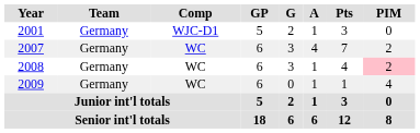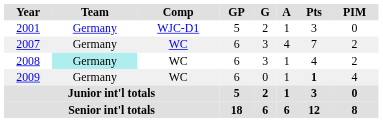 <table BORDER="0" CELLPADDING="2" CELLSPACING="0" width=40%>
 <tr ALIGN="center" bgcolor="#e0e0e0">
 <th>Year</th>
 <th>Team</th>
 <th>Comp</th>
 <th>GP</th>
 <th>G</th>
 <th>A</th>
 <th>Pts</th>
 <th>PIM</th>
 </tr>
 <tr ALIGN="center">
 <td><a href='#'>2001</a></td>
 <td><a href='#'>Germany</a></td>
 <td><a href='#'>WJC-D1</a></td>
 <td>5</td>
 <td>2</td>
 <td>1</td>
 <td>3</td>
 <td>0</td>
 </tr>
 <tr ALIGN="center" bgcolor="#f0f0f0">
 <td><a href='#'>2007</a></td>
 <td>Germany</td>
 <td><a href='#'>WC</a></td>
 <td>6</td>
 <td>3</td>
 <td>4</td>
 <td>7</td>
 <td>2</td>
 </tr>
 <tr ALIGN="center">
 <td><a href='#'>2008</a></td>
-<td>Germany</td>
+<td style="background: paleturquoise;">Germany</td>
 <td>WC</td>
 <td>6</td>
 <td>3</td>
 <td>1</td>
 <td>4</td>
-<td style="background: pink;">2</td>
+<td>2</td>
 </tr>
 <tr ALIGN="center" bgcolor="#f0f0f0">
 <td><a href='#'>2009</a></td>
 <td>Germany</td>
 <td>WC</td>
 <td>6</td>
 <td>0</td>
 <td>1</td>
-<td>1</td>
+<td><strong>1</strong></td>
 <td>4</td>
 </tr>
 <tr bgcolor="#e0e0e0">
 <th colspan="3">Junior int'l totals</th>
 <th>5</th>
 <th>2</th>
 <th>1</th>
 <th>3</th>
 <th>0</th>
 </tr>
 <tr bgcolor="#e0e0e0">
 <th colspan="3">Senior int'l totals</th>
 <th>18</th>
 <th>6</th>
 <th>6</th>
 <th>12</th>
 <th>8</th>
 </tr>
 </table>
